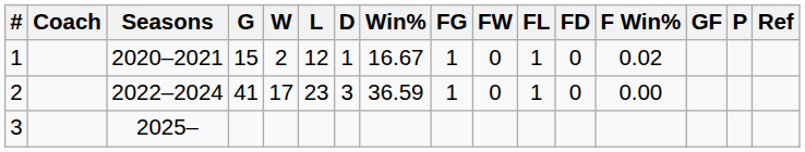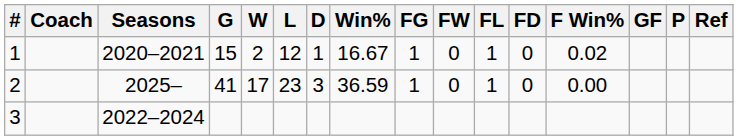 <table class="wikitable sortable" style="text-align:center">
 <tr>
 <th class="unsortable">#</th>
 <th>Coach</th>
 <th>Seasons</th>
 <th>G</th>
 <th>W</th>
 <th>L</th>
 <th>D</th>
 <th>Win%</th>
 <th>FG</th>
 <th>FW</th>
 <th>FL</th>
 <th>FD</th>
 <th>F Win%</th>
 <th>GF</th>
 <th>P</th>
 <th class="unsortable">Ref</th>
 </tr>
 <tr>
 <td>1</td>
 <td align=left></td>
 <td>2020–2021</td>
 <td>15</td>
 <td>2</td>
 <td>12</td>
 <td>1</td>
 <td>16.67</td>
 <td>1</td>
 <td>0</td>
 <td>1</td>
 <td>0</td>
 <td>0.02</td>
 <td></td>
 <td></td>
 <td></td>
 </tr>
 <tr>
 <td>2</td>
 <td align=left></td>
-<td>2022–2024</td>
+<td>2025–</td>
 <td>41</td>
 <td>17</td>
 <td>23</td>
 <td>3</td>
 <td>36.59</td>
 <td>1</td>
 <td>0</td>
 <td>1</td>
 <td>0</td>
 <td>0.00</td>
 <td></td>
 <td></td>
 <td></td>
 </tr>
 <tr>
 <td>3</td>
 <td align=left></td>
-<td>2025–</td>
+<td>2022–2024</td>
 <td></td>
 <td></td>
 <td></td>
 <td></td>
 <td></td>
 <td></td>
 <td></td>
 <td></td>
 <td></td>
 <td></td>
 <td></td>
 <td></td>
 <td></td>
 </tr>
 </table>
